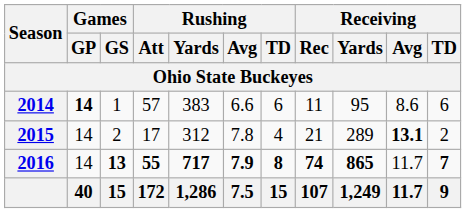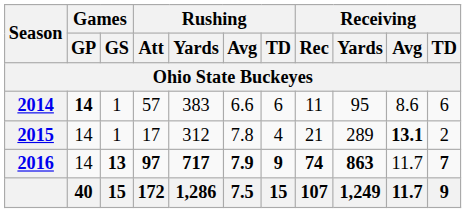 <table class=wikitable style="text-align:center;">
 <tr>
 <th rowspan="2">Season</th>
 <th colspan="2">Games</th>
 <th colspan="4">Rushing</th>
 <th colspan="4">Receiving</th>
 </tr>
 <tr>
 <th>GP</th>
 <th>GS</th>
 <th>Att</th>
 <th>Yards</th>
 <th>Avg</th>
 <th>TD</th>
 <th>Rec</th>
 <th>Yards</th>
 <th>Avg</th>
 <th>TD</th>
 </tr>
 <tr>
 <th colspan="11">Ohio State Buckeyes</th>
 </tr>
 <tr>
 <th><a href='#'>2014</a></th>
 <td><strong>14</strong></td>
 <td>1</td>
 <td>57</td>
 <td>383</td>
 <td>6.6</td>
 <td>6</td>
 <td>11</td>
 <td>95</td>
 <td>8.6</td>
 <td>6</td>
 </tr>
 <tr>
 <th><a href='#'>2015</a></th>
 <td>14</td>
-<td>2</td>
+<td>1</td>
 <td>17</td>
 <td>312</td>
 <td>7.8</td>
 <td>4</td>
 <td>21</td>
 <td>289</td>
 <td><strong>13.1</strong></td>
 <td>2</td>
 </tr>
 <tr>
 <th><a href='#'>2016</a></th>
 <td>14</td>
 <td><strong>13</strong></td>
-<td><strong>55</strong></td>
+<td><strong>97</strong></td>
 <td><strong>717</strong></td>
 <td><strong>7.9</strong></td>
-<td><strong>8</strong></td>
+<td><strong>9</strong></td>
 <td><strong>74</strong></td>
-<td><strong>865</strong></td>
+<td><strong>863</strong></td>
 <td>11.7</td>
 <td><strong>7</strong></td>
 </tr>
 <tr>
 <th></th>
 <th>40</th>
 <th>15</th>
 <th>172</th>
 <th>1,286</th>
 <th>7.5</th>
 <th>15</th>
 <th>107</th>
 <th>1,249</th>
 <th>11.7</th>
 <th>9</th>
 </tr>
 </table>
